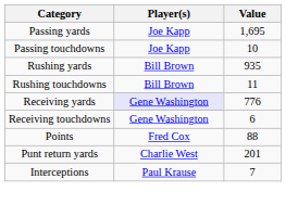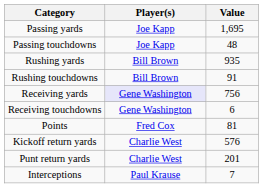 <table class="wikitable" style="text-align:center">
 <tr>
 <th width=150px>Category</th>
 <th width=150px>Player(s)</th>
 <th width=75px>Value</th>
 </tr>
 <tr>
 <td>Passing yards</td>
 <td><a href='#'>Joe Kapp</a></td>
 <td>1,695</td>
 </tr>
 <tr>
 <td>Passing touchdowns</td>
 <td><a href='#'>Joe Kapp</a></td>
-<td>10</td>
+<td>48</td>
 </tr>
 <tr>
 <td>Rushing yards</td>
 <td><a href='#'>Bill Brown</a></td>
 <td>935</td>
 </tr>
 <tr>
 <td>Rushing touchdowns</td>
 <td><a href='#'>Bill Brown</a></td>
-<td>11</td>
+<td>91</td>
 </tr>
 <tr>
 <td>Receiving yards</td>
 <td style="background: lavender;"><a href='#'>Gene Washington</a></td>
-<td>776</td>
+<td>756</td>
 </tr>
 <tr>
 <td>Receiving touchdowns</td>
 <td><a href='#'>Gene Washington</a></td>
 <td>6</td>
 </tr>
 <tr>
 <td>Points</td>
 <td><a href='#'>Fred Cox</a></td>
-<td>88</td>
+<td>81</td>
+</tr>
+<tr>
+<td>Kickoff return yards</td>
+<td><a href='#'>Charlie West</a></td>
+<td>576</td>
 </tr>
 <tr>
 <td>Punt return yards</td>
 <td><a href='#'>Charlie West</a></td>
 <td>201</td>
 </tr>
 <tr>
 <td>Interceptions</td>
 <td><a href='#'>Paul Krause</a></td>
 <td>7</td>
 </tr>
 </table>
